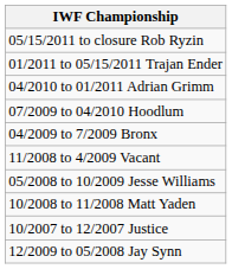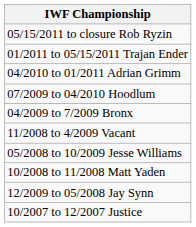 <table class="wikitable" border="1">
 <tr>
 <th><strong>IWF Championship</strong></th>
 </tr>
 <tr>
 <td>05/15/2011 to closure Rob Ryzin</td>
 </tr>
 <tr>
 <td>01/2011 to 05/15/2011 Trajan Ender</td>
 </tr>
 <tr>
 <td>04/2010 to 01/2011 Adrian Grimm</td>
 </tr>
 <tr>
 <td>07/2009 to 04/2010 Hoodlum</td>
 </tr>
 <tr>
 <td>04/2009 to 7/2009 Bronx</td>
 </tr>
 <tr>
 <td>11/2008 to 4/2009 Vacant</td>
 </tr>
 <tr>
 <td>05/2008 to 10/2009 Jesse Williams</td>
 </tr>
 <tr>
 <td>10/2008 to 11/2008 Matt Yaden</td>
 </tr>
 <tr>
+<td>12/2009 to 05/2008 Jay Synn</td>
+</tr>
+<tr>
 <td>10/2007 to 12/2007 Justice</td>
 </tr>
-<tr>
-<td>12/2009 to 05/2008 Jay Synn</td>
-</tr>
 </table>
